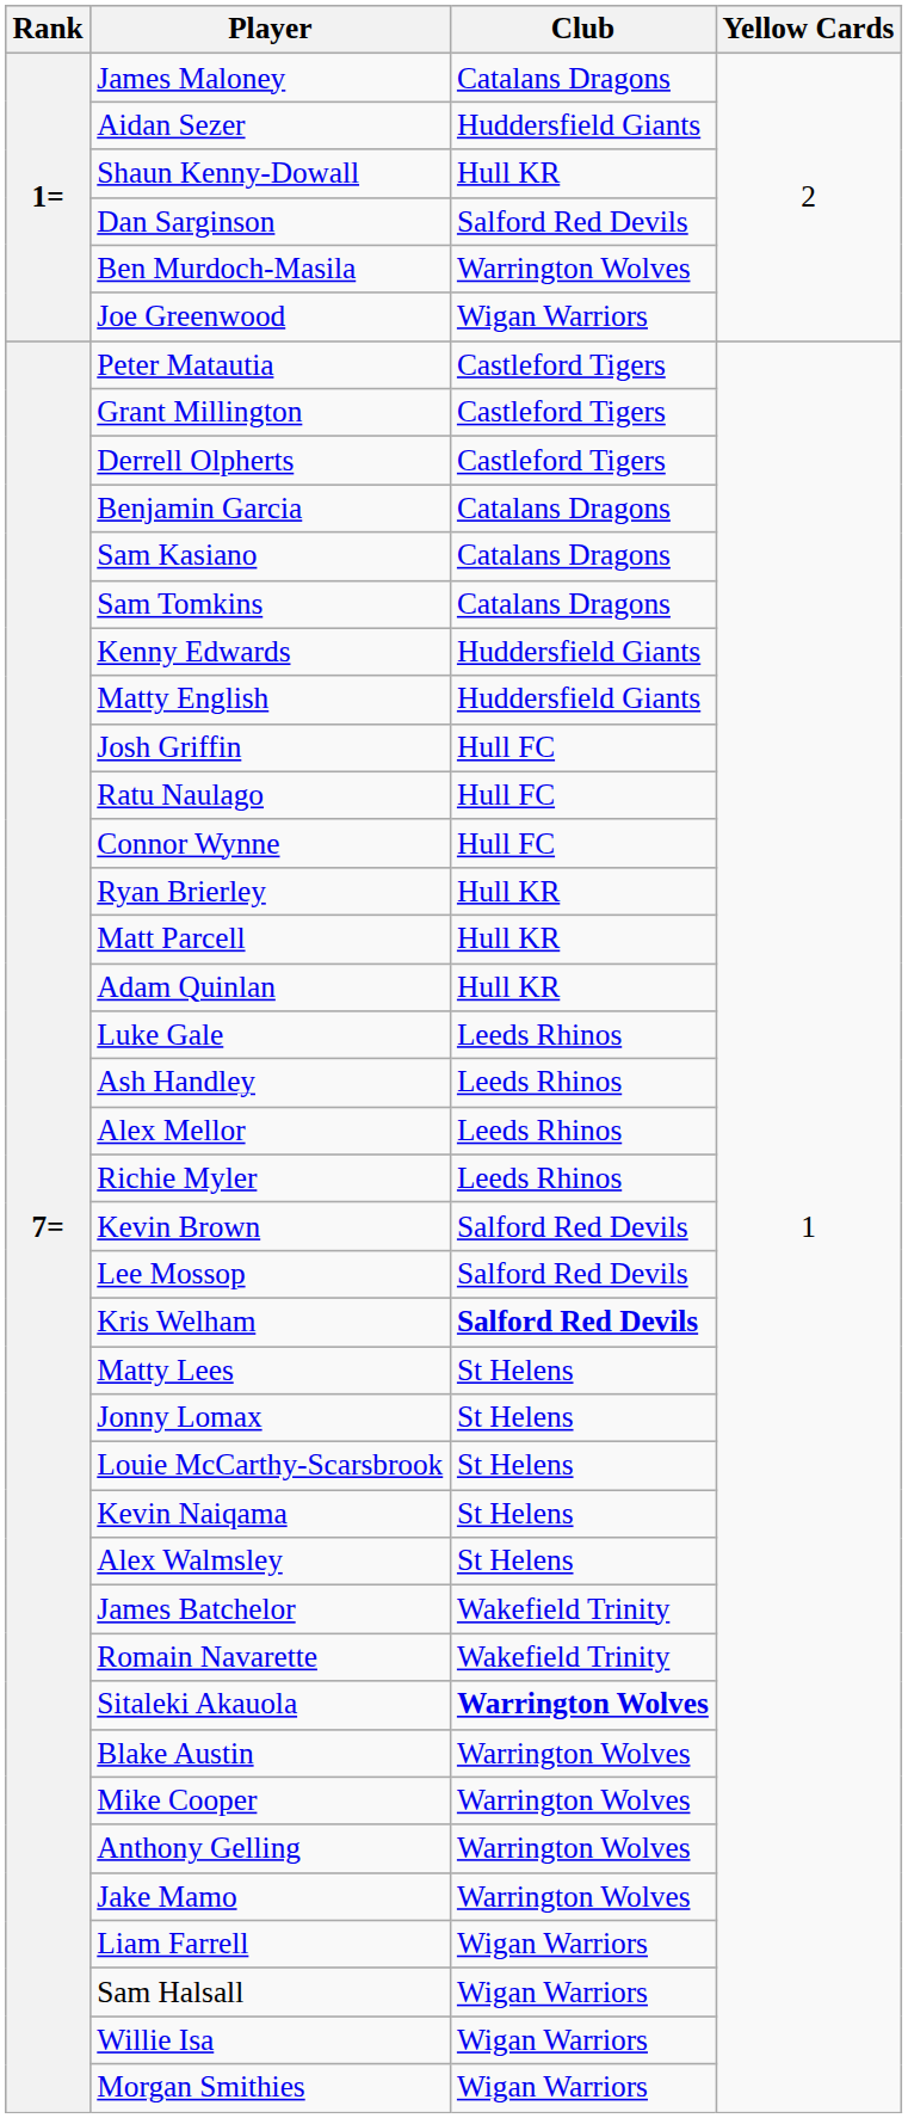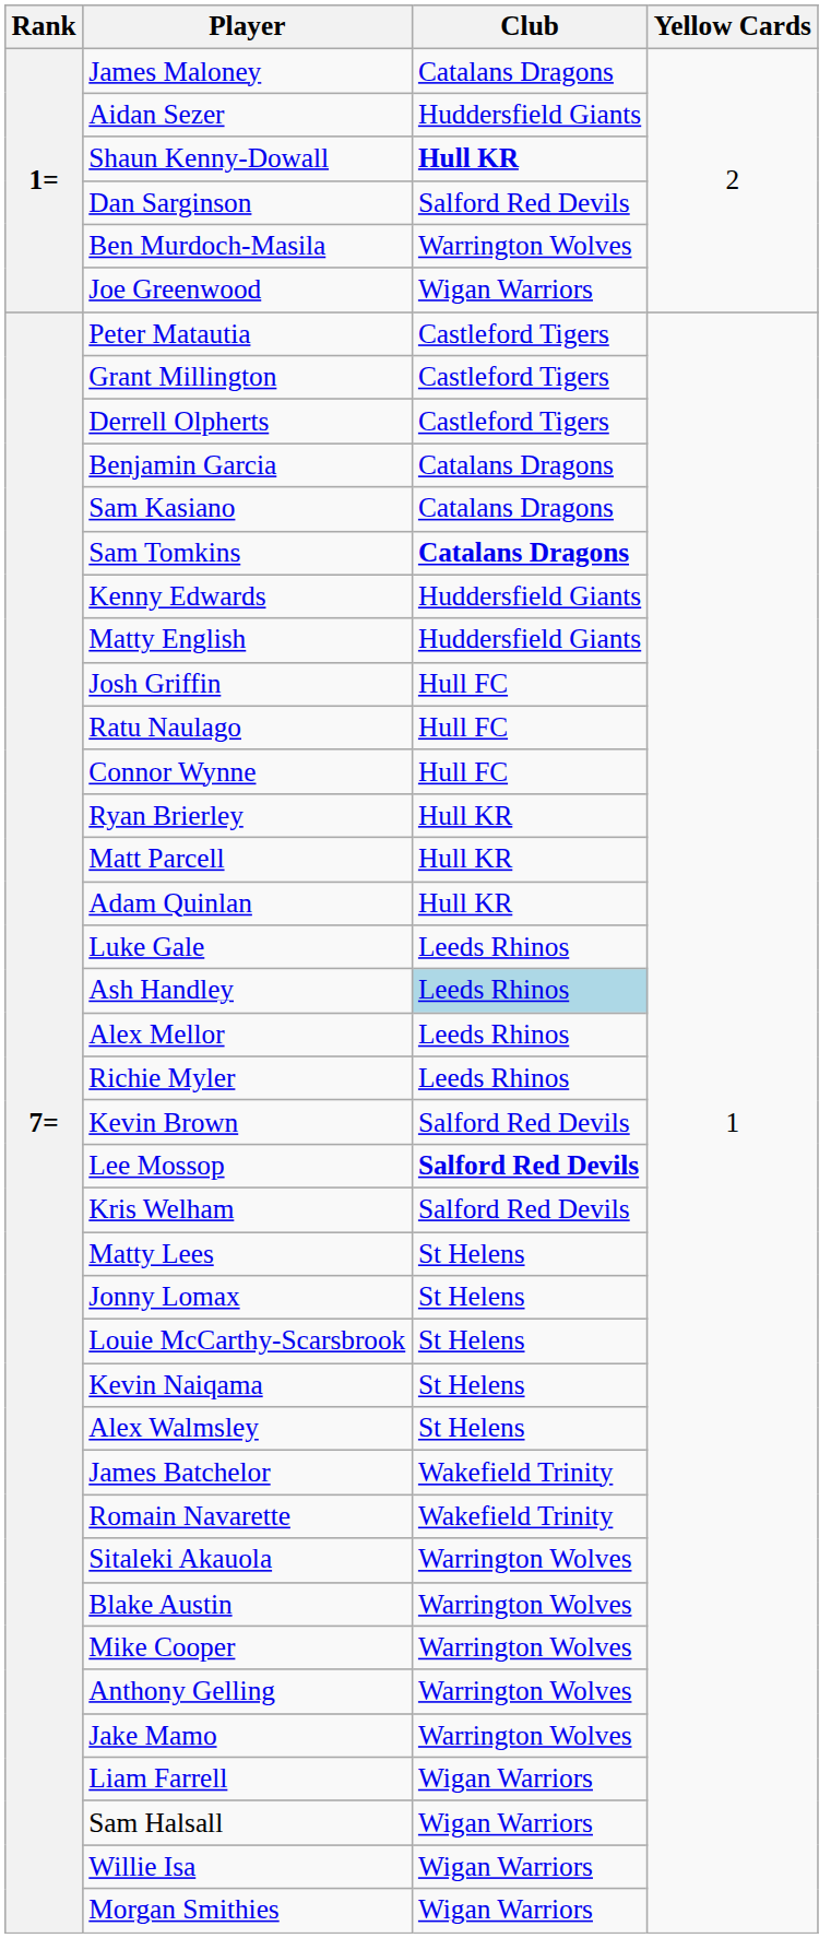 <table class="wikitable sortable" style="text-align:center">
 <tr>
 <th>Rank</th>
 <th>Player</th>
 <th>Club</th>
 <th> Yellow Cards</th>
 </tr>
 <tr>
 <th rowspan=6>1=</th>
 <td align="left"> <a href='#'>James Maloney</a></td>
 <td align="left"> <a href='#'>Catalans Dragons</a></td>
 <td rowspan=6>2</td>
 </tr>
 <tr>
 <td align="left"> <a href='#'>Aidan Sezer</a></td>
 <td align="left"> <a href='#'>Huddersfield Giants</a></td>
 </tr>
 <tr>
 <td align="left"> <a href='#'>Shaun Kenny-Dowall</a></td>
-<td align="left"> <a href='#'>Hull KR</a></td>
+<td align="left"><strong> <a href='#'>Hull KR</a></strong></td>
 </tr>
 <tr>
 <td align="left"> <a href='#'>Dan Sarginson</a></td>
 <td align="left"> <a href='#'>Salford Red Devils</a></td>
 </tr>
 <tr>
 <td align="left"> <a href='#'>Ben Murdoch-Masila</a></td>
 <td align="left"> <a href='#'>Warrington Wolves</a></td>
 </tr>
 <tr>
 <td align="left"> <a href='#'>Joe Greenwood</a></td>
 <td align="left"> <a href='#'>Wigan Warriors</a></td>
 </tr>
 <tr>
 <th Rowspan=38>7=</th>
 <td align="left"> <a href='#'>Peter Matautia</a></td>
 <td align="left"> <a href='#'>Castleford Tigers</a></td>
 <td Rowspan=38>1</td>
 </tr>
 <tr>
 <td align="left"> <a href='#'>Grant Millington</a></td>
 <td align="left"> <a href='#'>Castleford Tigers</a></td>
 </tr>
 <tr>
 <td align="left"> <a href='#'>Derrell Olpherts</a></td>
 <td align="left"> <a href='#'>Castleford Tigers</a></td>
 </tr>
 <tr>
 <td align="left"> <a href='#'>Benjamin Garcia</a></td>
 <td align="left"> <a href='#'>Catalans Dragons</a></td>
 </tr>
 <tr>
 <td align="left"> <a href='#'>Sam Kasiano</a></td>
 <td align="left"> <a href='#'>Catalans Dragons</a></td>
 </tr>
 <tr>
 <td align="left"> <a href='#'>Sam Tomkins</a></td>
-<td align="left"> <a href='#'>Catalans Dragons</a></td>
+<td align="left"><strong> <a href='#'>Catalans Dragons</a></strong></td>
 </tr>
 <tr>
 <td align="left"> <a href='#'>Kenny Edwards</a></td>
 <td align="left"> <a href='#'>Huddersfield Giants</a></td>
 </tr>
 <tr>
 <td align="left"> <a href='#'>Matty English</a></td>
 <td align="left"> <a href='#'>Huddersfield Giants</a></td>
 </tr>
 <tr>
 <td align="left"> <a href='#'>Josh Griffin</a></td>
 <td align="left"> <a href='#'>Hull FC</a></td>
 </tr>
 <tr>
 <td align="left"> <a href='#'>Ratu Naulago</a></td>
 <td align="left"> <a href='#'>Hull FC</a></td>
 </tr>
 <tr>
 <td align="left"> <a href='#'>Connor Wynne</a></td>
 <td align="left"> <a href='#'>Hull FC</a></td>
 </tr>
 <tr>
 <td align="left"> <a href='#'>Ryan Brierley</a></td>
 <td align="left"> <a href='#'>Hull KR</a></td>
 </tr>
 <tr>
 <td align="left"> <a href='#'>Matt Parcell</a></td>
 <td align="left"> <a href='#'>Hull KR</a></td>
 </tr>
 <tr>
 <td align="left"> <a href='#'>Adam Quinlan</a></td>
 <td align="left"> <a href='#'>Hull KR</a></td>
 </tr>
 <tr>
 <td align="left"> <a href='#'>Luke Gale</a></td>
 <td align="left"> <a href='#'>Leeds Rhinos</a></td>
 </tr>
 <tr>
 <td align="left"> <a href='#'>Ash Handley</a></td>
-<td align="left"> <a href='#'>Leeds Rhinos</a></td>
+<td align="left" style="background: lightblue;"> <a href='#'>Leeds Rhinos</a></td>
 </tr>
 <tr>
 <td align="left"> <a href='#'>Alex Mellor</a></td>
 <td align="left"> <a href='#'>Leeds Rhinos</a></td>
 </tr>
 <tr>
 <td align="left"> <a href='#'>Richie Myler</a></td>
 <td align="left"> <a href='#'>Leeds Rhinos</a></td>
 </tr>
 <tr>
 <td align="left"> <a href='#'>Kevin Brown</a></td>
 <td align="left"> <a href='#'>Salford Red Devils</a></td>
 </tr>
 <tr>
 <td align="left"> <a href='#'>Lee Mossop</a></td>
-<td align="left"> <a href='#'>Salford Red Devils</a></td>
+<td align="left"><strong> <a href='#'>Salford Red Devils</a></strong></td>
 </tr>
 <tr>
 <td align="left"> <a href='#'>Kris Welham</a></td>
-<td align="left"><strong> <a href='#'>Salford Red Devils</a></strong></td>
+<td align="left"> <a href='#'>Salford Red Devils</a></td>
 </tr>
 <tr>
 <td align="left"> <a href='#'>Matty Lees</a></td>
 <td align="left"> <a href='#'>St Helens</a></td>
 </tr>
 <tr>
 <td align="left"> <a href='#'>Jonny Lomax</a></td>
 <td align="left"> <a href='#'>St Helens</a></td>
 </tr>
 <tr>
 <td align="left"> <a href='#'>Louie McCarthy-Scarsbrook</a></td>
 <td align="left"> <a href='#'>St Helens</a></td>
 </tr>
 <tr>
 <td align="left"> <a href='#'>Kevin Naiqama</a></td>
 <td align="left"> <a href='#'>St Helens</a></td>
 </tr>
 <tr>
 <td align="left"> <a href='#'>Alex Walmsley</a></td>
 <td align="left"> <a href='#'>St Helens</a></td>
 </tr>
 <tr>
 <td align="left"> <a href='#'>James Batchelor</a></td>
 <td align="left"> <a href='#'>Wakefield Trinity</a></td>
 </tr>
 <tr>
 <td align="left"> <a href='#'>Romain Navarette</a></td>
 <td align="left"> <a href='#'>Wakefield Trinity</a></td>
 </tr>
 <tr>
 <td align="left"> <a href='#'>Sitaleki Akauola</a></td>
-<td align="left"><strong> <a href='#'>Warrington Wolves</a></strong></td>
+<td align="left"> <a href='#'>Warrington Wolves</a></td>
 </tr>
 <tr>
 <td align="left"> <a href='#'>Blake Austin</a></td>
 <td align="left"> <a href='#'>Warrington Wolves</a></td>
 </tr>
 <tr>
 <td align="left"> <a href='#'>Mike Cooper</a></td>
 <td align="left"> <a href='#'>Warrington Wolves</a></td>
 </tr>
 <tr>
 <td align="left"> <a href='#'>Anthony Gelling</a></td>
 <td align="left"> <a href='#'>Warrington Wolves</a></td>
 </tr>
 <tr>
 <td align="left"> <a href='#'>Jake Mamo</a></td>
 <td align="left"> <a href='#'>Warrington Wolves</a></td>
 </tr>
 <tr>
 <td align="left"> <a href='#'>Liam Farrell</a></td>
 <td align="left"> <a href='#'>Wigan Warriors</a></td>
 </tr>
 <tr>
 <td align="left"> Sam Halsall</td>
 <td align="left"> <a href='#'>Wigan Warriors</a></td>
 </tr>
 <tr>
 <td align="left"> <a href='#'>Willie Isa</a></td>
 <td align="left"> <a href='#'>Wigan Warriors</a></td>
 </tr>
 <tr>
 <td align="left"> <a href='#'>Morgan Smithies</a></td>
 <td align="left"> <a href='#'>Wigan Warriors</a></td>
 </tr>
 </table>
